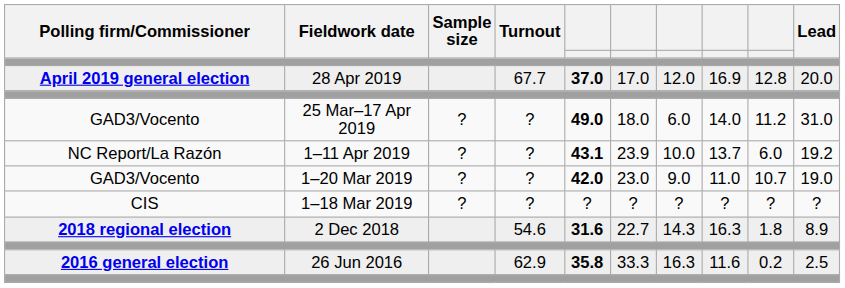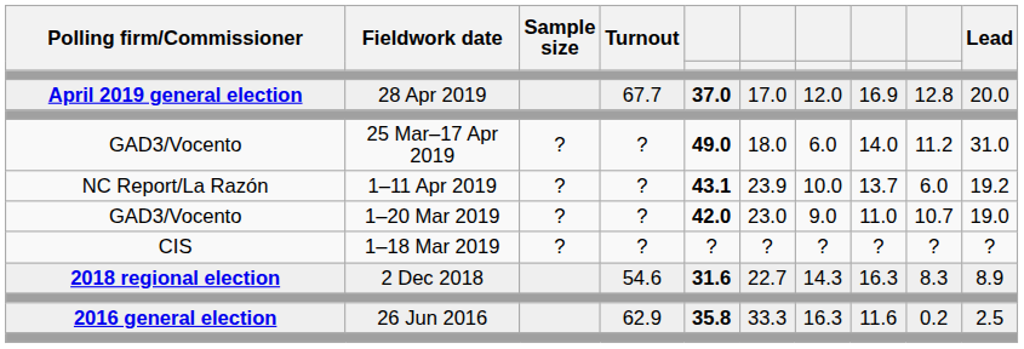 <table class="wikitable collapsible collapsed" style="text-align:center; font-size:95%; line-height:16px;">
 <tr style="height:42px;">
 <th style="width:250px;" rowspan="2">Polling firm/Commissioner</th>
 <th style="width:125px;" rowspan="2">Fieldwork date</th>
 <th style="width:50px;" rowspan="2">Sample size</th>
 <th style="width:45px;" rowspan="2">Turnout</th>
 <th style="width:35px;"></th>
 <th style="width:35px;"></th>
 <th style="width:35px;"></th>
 <th style="width:35px;"></th>
 <th style="width:35px;"></th>
 <th style="width:30px;" rowspan="2">Lead</th>
 </tr>
 <tr>
 <th style="color:inherit;background:"></th>
 <th style="color:inherit;background:"></th>
 <th style="color:inherit;background:"></th>
 <th style="color:inherit;background:"></th>
 <th style="color:inherit;background:"></th>
 </tr>
 <tr>
 <td colspan="10" style="background:#A0A0A0"></td>
 </tr>
 <tr style="background:#EFEFEF;">
 <td><strong><a href='#'>April 2019 general election</a></strong></td>
 <td>28 Apr 2019</td>
 <td></td>
 <td>67.7</td>
 <td><strong>37.0</strong><br></td>
 <td>17.0<br></td>
 <td>12.0<br></td>
 <td>16.9<br></td>
 <td>12.8<br></td>
 <td style="background:">20.0</td>
 </tr>
 <tr>
 <td colspan="10" style="background:#A0A0A0"></td>
 </tr>
 <tr>
 <td>GAD3/Vocento</td>
 <td>25 Mar–17 Apr 2019</td>
 <td>?</td>
 <td>?</td>
 <td><strong>49.0</strong><br></td>
 <td>18.0<br></td>
 <td>6.0<br></td>
 <td>14.0<br></td>
 <td>11.2<br></td>
 <td style="background:">31.0</td>
 </tr>
 <tr>
 <td>NC Report/La Razón</td>
 <td>1–11 Apr 2019</td>
 <td>?</td>
 <td>?</td>
 <td><strong>43.1</strong><br></td>
 <td>23.9<br></td>
 <td>10.0<br></td>
 <td>13.7<br></td>
 <td>6.0<br></td>
 <td style="background:">19.2</td>
 </tr>
 <tr>
 <td>GAD3/Vocento</td>
 <td>1–20 Mar 2019</td>
 <td>?</td>
 <td>?</td>
 <td><strong>42.0</strong><br></td>
 <td>23.0<br></td>
 <td>9.0<br></td>
 <td>11.0<br></td>
 <td>10.7<br></td>
 <td style="background:">19.0</td>
 </tr>
 <tr>
 <td>CIS</td>
 <td>1–18 Mar 2019</td>
 <td>?</td>
 <td>?</td>
 <td>?<br></td>
 <td>?<br></td>
 <td>?<br></td>
 <td>?<br></td>
 <td>?<br></td>
 <td style="background:">?</td>
 </tr>
 <tr style="background:#EFEFEF;">
 <td><strong><a href='#'>2018 regional election</a></strong></td>
 <td>2 Dec 2018</td>
 <td></td>
 <td>54.6</td>
 <td><strong>31.6</strong><br></td>
 <td>22.7<br></td>
 <td>14.3<br></td>
 <td>16.3<br></td>
-<td>1.8<br></td>
+<td>8.3<br></td>
 <td style="background:">8.9</td>
 </tr>
 <tr>
 <td colspan="10" style="background:#A0A0A0"></td>
 </tr>
 <tr style="background:#EFEFEF;">
 <td><strong><a href='#'>2016 general election</a></strong></td>
 <td>26 Jun 2016</td>
 <td></td>
 <td>62.9</td>
 <td><strong>35.8</strong><br></td>
 <td>33.3<br></td>
 <td>16.3<br></td>
 <td>11.6<br></td>
 <td>0.2<br></td>
 <td style="background:">2.5</td>
 </tr>
 <tr>
 <td colspan="10" style="background:#A0A0A0"></td>
 </tr>
 </table>
